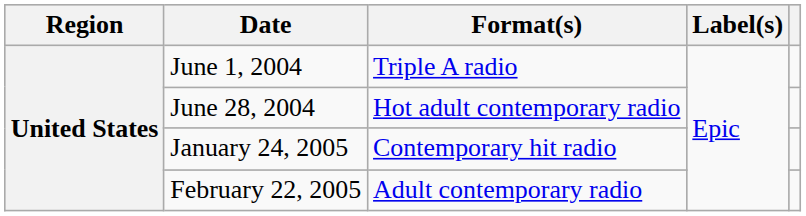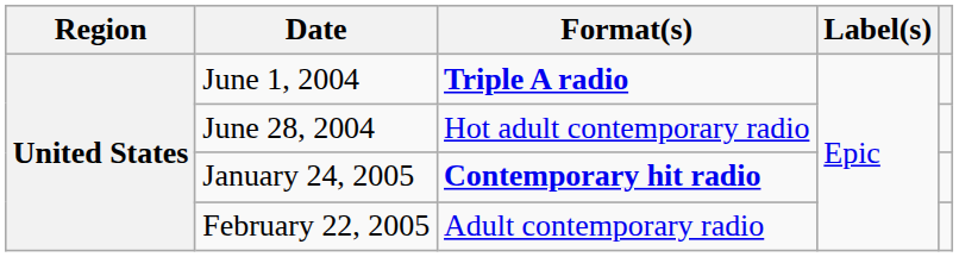 <table class="wikitable plainrowheaders">
 <tr>
 <th scope="col">Region</th>
 <th scope="col">Date</th>
 <th scope="col">Format(s)</th>
 <th scope="col">Label(s)</th>
 <th scope="col"></th>
 </tr>
 <tr>
 <th scope="row" rowspan="4">United States</th>
 <td>June 1, 2004</td>
-<td><a href='#'>Triple A radio</a></td>
+<td><strong><a href='#'>Triple A radio</a></strong></td>
 <td rowspan="4"><a href='#'>Epic</a></td>
 <td></td>
 </tr>
 <tr>
 <td>June 28, 2004</td>
 <td><a href='#'>Hot adult contemporary radio</a></td>
 <td></td>
 </tr>
 <tr>
 <td>January 24, 2005</td>
-<td><a href='#'>Contemporary hit radio</a></td>
+<td><strong><a href='#'>Contemporary hit radio</a></strong></td>
 <td></td>
 </tr>
 <tr>
 <td>February 22, 2005</td>
 <td><a href='#'>Adult contemporary radio</a></td>
 <td></td>
 </tr>
 </table>
